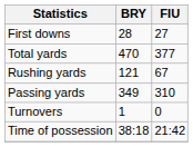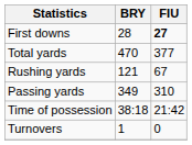 <table class="wikitable">
 <tr>
 <th>Statistics</th>
 <th>BRY</th>
 <th>FIU</th>
 </tr>
 <tr>
 <td>First downs</td>
 <td>28</td>
-<td>27</td>
+<td><strong>27</strong></td>
 </tr>
 <tr>
 <td>Total yards</td>
 <td>470</td>
 <td>377</td>
 </tr>
 <tr>
 <td>Rushing yards</td>
 <td>121</td>
 <td>67</td>
 </tr>
 <tr>
 <td>Passing yards</td>
 <td>349</td>
 <td>310</td>
 </tr>
 <tr>
+<td>Time of possession</td>
+<td>38:18</td>
+<td>21:42</td>
+</tr>
+<tr>
 <td>Turnovers</td>
 <td>1</td>
 <td>0</td>
 </tr>
 <tr>
-<td>Time of possession</td>
-<td>38:18</td>
-<td>21:42</td>
-</tr>
-<tr>
 </tr>
 </table>
